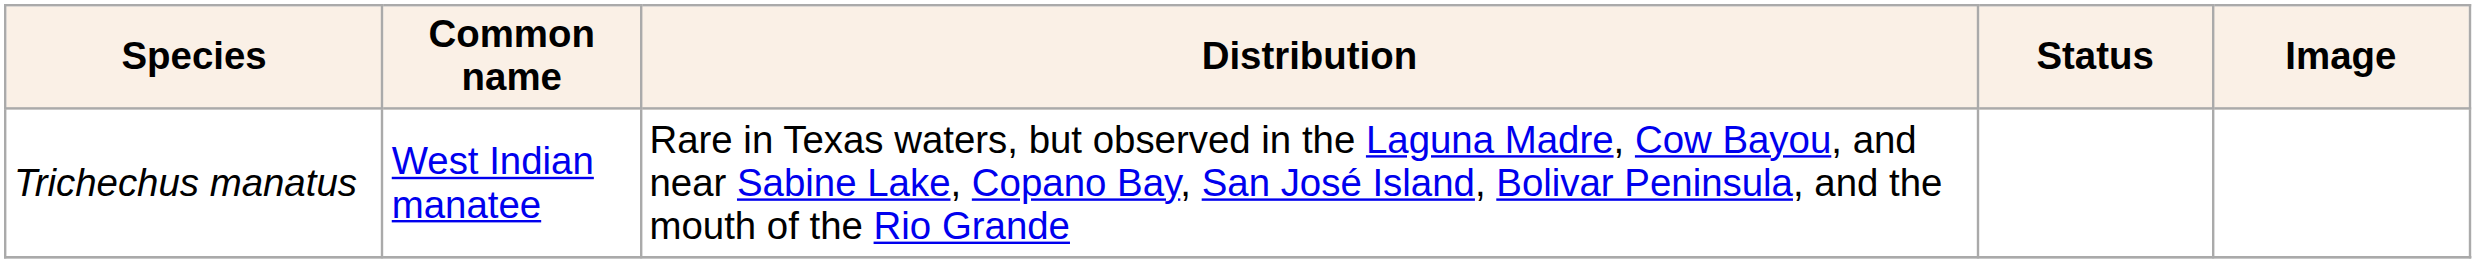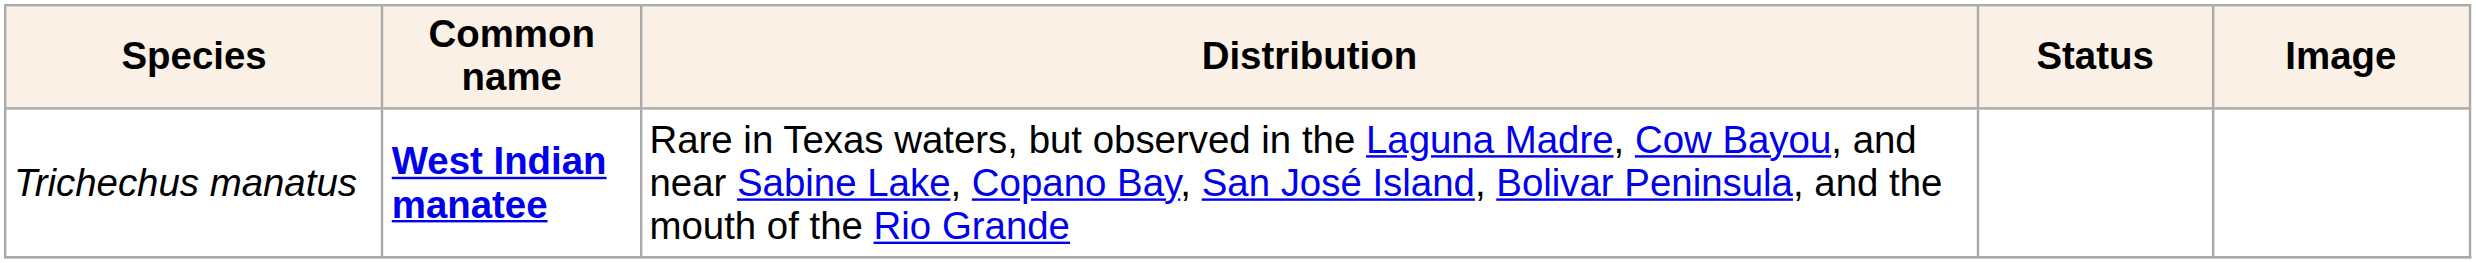 <table class="sortable wikitable plainrowheaders" border="0" style="background:#ffffff" align="top" class="sortable wikitable">
 <tr ->
 <th scope="col" style="background-color:Linen; color:Black" width=150 px>Species</th>
 <th scope="col" style="background-color:Linen; color:Black" width=100 px>Common name</th>
 <th scope="col" style="background:Linen; color:Black" width=550 px>Distribution</th>
 <th scope="col" style="background-color:Linen; color:Black" width=90 px>Status</th>
 <th scope="col" style="background:Linen; color:Black" width=100 px>Image</th>
 </tr>
 <tr>
 <td !scope="row" style="background:#ffffff"><em>Trichechus manatus</em></td>
-<td><a href='#'>West Indian manatee</a></td>
+<td><strong><a href='#'>West Indian manatee</a></strong></td>
 <td>Rare in Texas waters, but observed in the <a href='#'>Laguna Madre</a>, <a href='#'>Cow Bayou</a>, and near <a href='#'>Sabine Lake</a>, <a href='#'>Copano Bay</a>, <a href='#'>San José Island</a>, <a href='#'>Bolivar Peninsula</a>, and the mouth of the <a href='#'>Rio Grande</a></td>
 <td></td>
 <td></td>
 </tr>
 <tr>
 </tr>
 </table>
